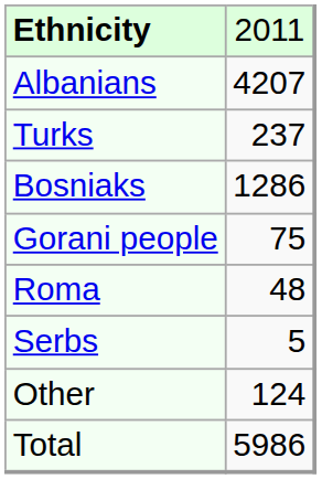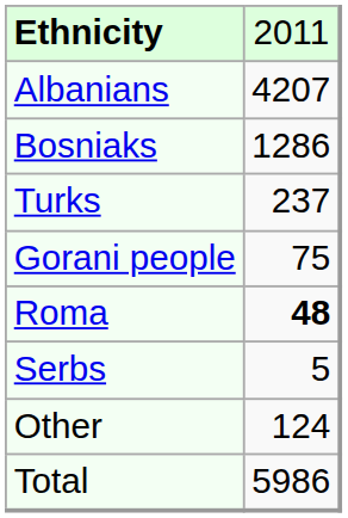 <table cellpadding=4 cellspacing=0 class="wikitable" style="align: left; margin: 0.5em 0 0 0; border-style: solid; border: 1px solid #999; border-right-width: 2px; border-bottom-width: 2px; border-collapse: collapse; font-size: 100%;">
 <tr style="background:#dfd;">
 <td style="background:#ddffdd;"><strong>Ethnicity</strong></td>
 <td style="text-align:center;">2011</td>
 </tr>
 <tr>
 <td style="background:#f3fff3;"><a href='#'>Albanians</a></td>
 <td align="right">4207</td>
 </tr>
 <tr>
+<td style="background:#f3fff3;"><a href='#'>Bosniaks</a></td>
+<td align="right">1286</td>
+</tr>
+<tr>
 <td style="background:#f3fff3;"><a href='#'>Turks</a></td>
 <td align="right">237</td>
-</tr>
-<tr>
-<td style="background:#f3fff3;"><a href='#'>Bosniaks</a></td>
-<td align="right">1286</td>
 </tr>
 <tr>
 <td style="background:#f3fff3;"><a href='#'>Gorani people</a></td>
 <td align="right">75</td>
 </tr>
 <tr>
 <td style="background:#f3fff3;"><a href='#'>Roma</a></td>
-<td align="right">48</td>
+<td align="right"><strong>48</strong></td>
 </tr>
 <tr>
 <td style="background:#f3fff3;"><a href='#'>Serbs</a></td>
 <td align="right">5</td>
 </tr>
 <tr>
 <td style="background:#f3fff3;">Other</td>
 <td align="right">124</td>
 </tr>
 <tr>
 <td style="background:#f3fff3;">Total</td>
 <td align="right">5986</td>
 </tr>
 </table>
